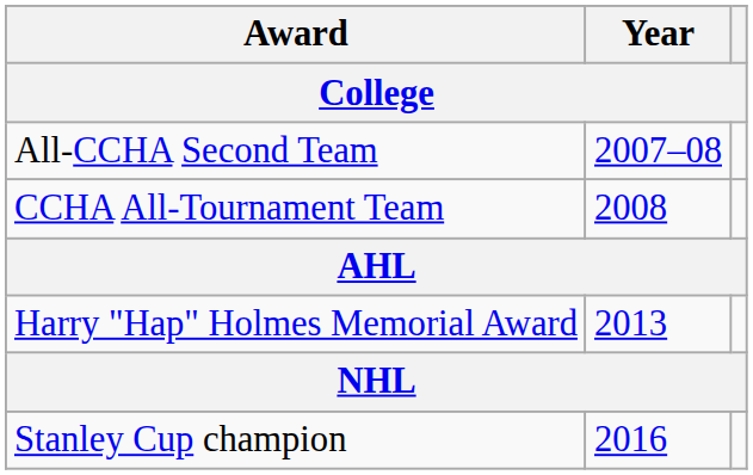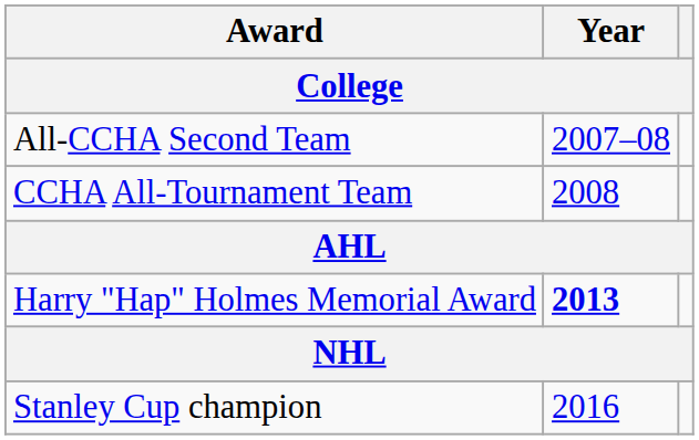 <table class="wikitable">
 <tr>
 <th>Award</th>
 <th>Year</th>
 <th></th>
 </tr>
 <tr>
 <th colspan="3"><a href='#'>College</a></th>
 </tr>
 <tr>
 <td>All-<a href='#'>CCHA</a> <a href='#'>Second Team</a></td>
 <td><a href='#'>2007–08</a></td>
 <td></td>
 </tr>
 <tr>
 <td><a href='#'>CCHA</a> <a href='#'>All-Tournament Team</a></td>
 <td><a href='#'>2008</a></td>
 <td></td>
 </tr>
 <tr style="text-align:center;">
 <th colspan="3"><a href='#'>AHL</a></th>
 </tr>
 <tr>
 <td><a href='#'>Harry "Hap" Holmes Memorial Award</a></td>
-<td><a href='#'>2013</a></td>
+<td><strong><a href='#'>2013</a></strong></td>
 <td></td>
 </tr>
 <tr>
 <th colspan="3"><a href='#'>NHL</a></th>
 </tr>
 <tr>
 <td><a href='#'>Stanley Cup</a> champion</td>
 <td><a href='#'>2016</a></td>
 <td></td>
 </tr>
 </table>
